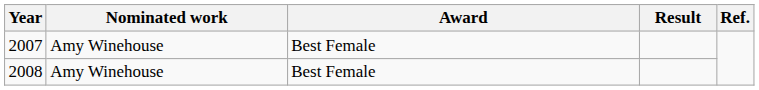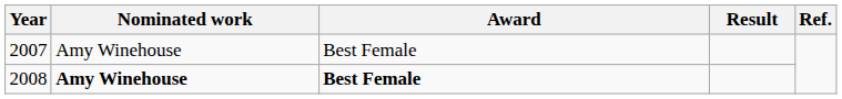 <table class="wikitable">
 <tr>
 <th>Year</th>
 <th width="220">Nominated work</th>
 <th width="325">Award</th>
 <th width="65">Result</th>
 <th>Ref.</th>
 </tr>
 <tr>
 <td align="center">2007</td>
 <td>Amy Winehouse</td>
 <td>Best Female</td>
 <td></td>
 <td align="center" rowspan=2></td>
 </tr>
 <tr>
 <td align="center">2008</td>
-<td>Amy Winehouse</td>
-<td>Best Female</td>
+<td><strong>Amy Winehouse</strong></td>
+<td><strong>Best Female</strong></td>
 <td></td>
 </tr>
 </table>
